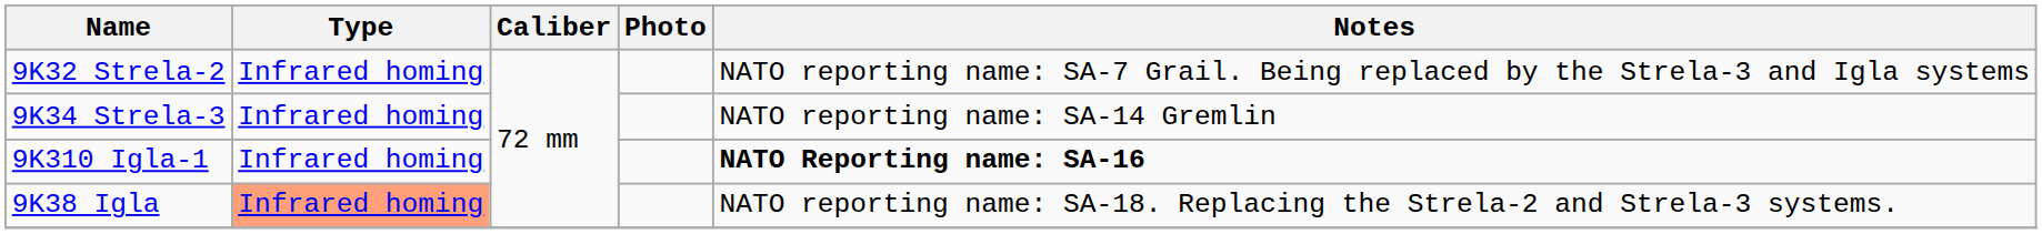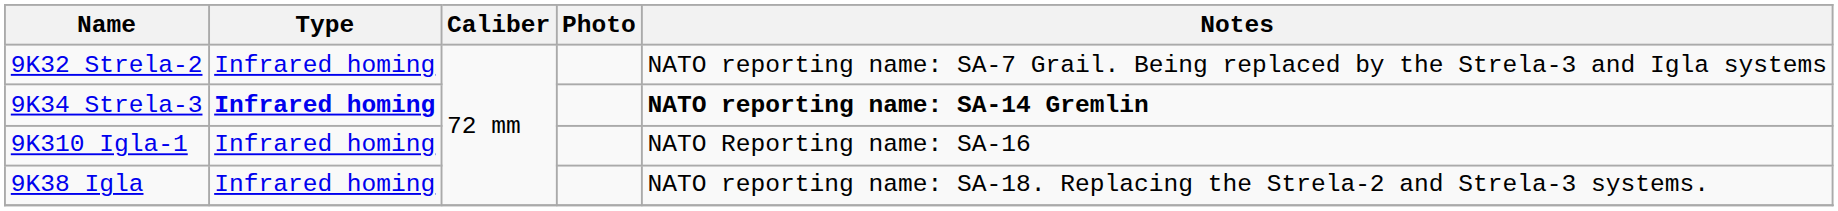 <table class="wikitable">
 <tr>
 <th>Name</th>
 <th>Type</th>
 <th>Caliber</th>
 <th>Photo</th>
 <th>Notes</th>
 </tr>
 <tr>
 <td><a href='#'>9K32 Strela-2</a></td>
 <td><a href='#'>Infrared homing</a></td>
 <td rowspan="4">72 mm</td>
 <td></td>
 <td>NATO reporting name: SA-7 Grail. Being replaced by the Strela-3 and Igla systems</td>
 </tr>
 <tr>
 <td><a href='#'>9K34 Strela-3</a></td>
-<td><a href='#'>Infrared homing</a></td>
+<td><strong><a href='#'>Infrared homing</a></strong></td>
 <td></td>
-<td>NATO reporting name: SA-14 Gremlin</td>
+<td><strong>NATO reporting name: SA-14 Gremlin</strong></td>
 </tr>
 <tr>
 <td><a href='#'>9K310 Igla-1</a></td>
 <td><a href='#'>Infrared homing</a></td>
 <td></td>
-<td><strong>NATO Reporting name: SA-16</strong></td>
+<td>NATO Reporting name: SA-16</td>
 </tr>
 <tr>
 <td><a href='#'>9K38 Igla</a></td>
-<td style="background: lightsalmon;"><a href='#'>Infrared homing</a></td>
+<td><a href='#'>Infrared homing</a></td>
 <td></td>
 <td>NATO reporting name: SA-18. Replacing the Strela-2 and Strela-3 systems.</td>
 </tr>
 <tr>
 </tr>
 </table>
